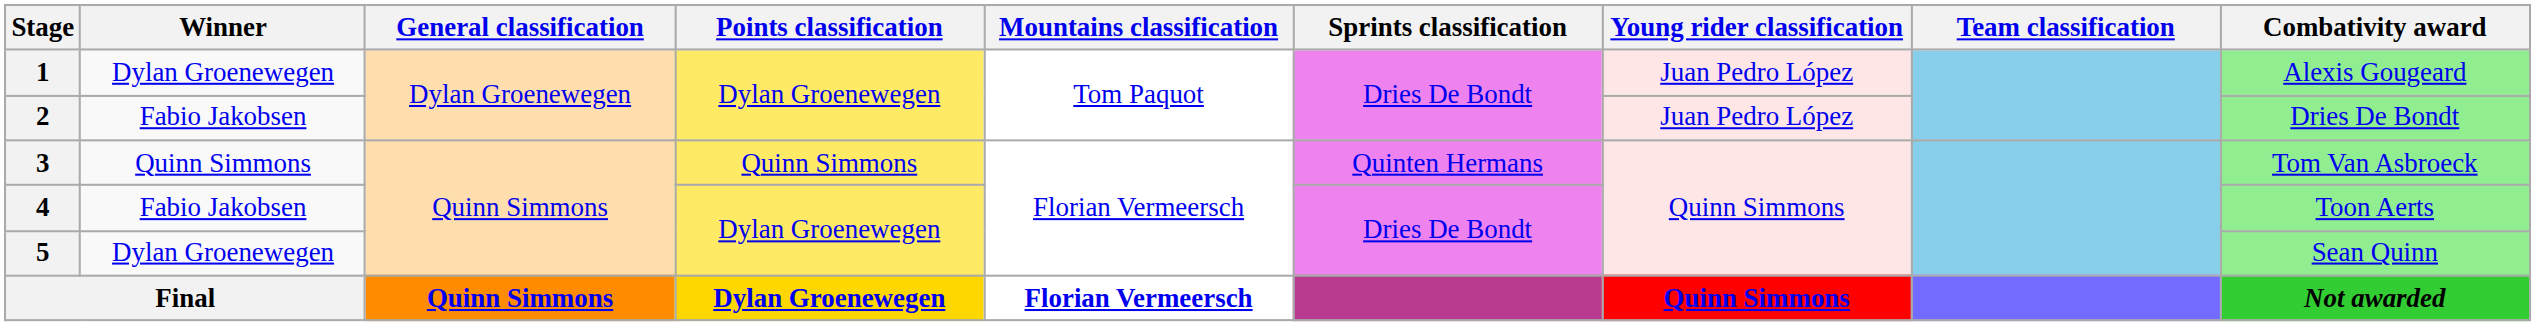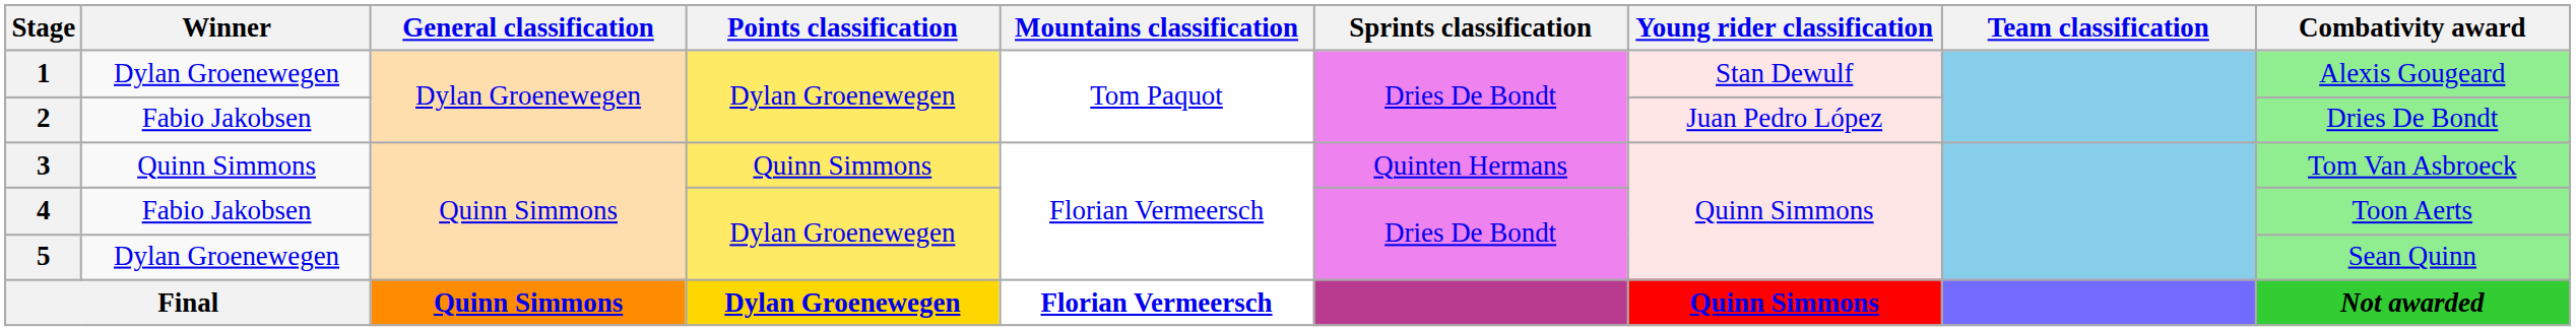 <table class="wikitable" style="text-align: center; font-size:smaller;">
 <tr style="background:#efefef;">
 <th scope="col" style="width:1%;">Stage</th>
 <th scope="col" style="width:11.5%;">Winner</th>
 <th scope="col" style="width:12.5%;"><a href='#'>General classification</a><br></th>
 <th scope="col" style="width:12.5%;"><a href='#'>Points classification</a><br></th>
 <th scope="col" style="width:12.5%;"><a href='#'>Mountains classification</a><br></th>
 <th scope="col" style="width:12.5%;">Sprints classification<br></th>
 <th scope="col" style="width:12.5%;"><a href='#'>Young rider classification</a><br></th>
 <th scope="col" style="width:12.5%;"><a href='#'>Team classification</a></th>
 <th scope="col" style="width:12.5%;">Combativity award</th>
 </tr>
 <tr>
 <th>1</th>
 <td><a href='#'>Dylan Groenewegen</a></td>
 <td style="background:navajowhite;" rowspan="2"><a href='#'>Dylan Groenewegen</a></td>
 <td style="background:#FFEA66;" rowspan="2"><a href='#'>Dylan Groenewegen</a></td>
 <td style="background:white;" rowspan="2"><a href='#'>Tom Paquot</a></td>
 <td style="background:violet;" rowspan="2"><a href='#'>Dries De Bondt</a></td>
-<td style="background:#FFE6E6;"><a href='#'>Juan Pedro López</a></td>
+<td style="background:#FFE6E6;"><a href='#'>Stan Dewulf</a></td>
 <td style="background:skyblue;" rowspan="2"></td>
 <td style="background:lightgreen;"><a href='#'>Alexis Gougeard</a></td>
 </tr>
 <tr>
 <th>2</th>
 <td><a href='#'>Fabio Jakobsen</a></td>
 <td style="background:#FFE6E6;"><a href='#'>Juan Pedro López</a></td>
 <td style="background:lightgreen;"><a href='#'>Dries De Bondt</a></td>
 </tr>
 <tr>
 <th>3</th>
 <td><a href='#'>Quinn Simmons</a></td>
 <td style="background:navajowhite;" rowspan="3"><a href='#'>Quinn Simmons</a></td>
 <td style="background:#FFEA66;"><a href='#'>Quinn Simmons</a></td>
 <td style="background:white;" rowspan="3"><a href='#'>Florian Vermeersch</a></td>
 <td style="background:violet;"><a href='#'>Quinten Hermans</a></td>
 <td style="background:#FFE6E6;" rowspan="3"><a href='#'>Quinn Simmons</a></td>
 <td style="background:skyblue;" rowspan="3"></td>
 <td style="background:lightgreen;"><a href='#'>Tom Van Asbroeck</a></td>
 </tr>
 <tr>
 <th>4</th>
 <td><a href='#'>Fabio Jakobsen</a></td>
 <td style="background:#FFEA66;" rowspan="2"><a href='#'>Dylan Groenewegen</a></td>
 <td style="background:violet;" rowspan="2"><a href='#'>Dries De Bondt</a></td>
 <td style="background:lightgreen;"><a href='#'>Toon Aerts</a></td>
 </tr>
 <tr>
 <th>5</th>
 <td><a href='#'>Dylan Groenewegen</a></td>
 <td style="background:lightgreen;"><a href='#'>Sean Quinn</a></td>
 </tr>
 <tr>
 <th colspan="2">Final</th>
 <th style="background:#FF8C00;"><a href='#'>Quinn Simmons</a></th>
 <th style="background:gold;"><a href='#'>Dylan Groenewegen</a></th>
 <th style="background:white;"><a href='#'>Florian Vermeersch</a></th>
 <th style="background:#B93B8F;"></th>
 <th style="background:#f00;"><a href='#'>Quinn Simmons</a></th>
 <th style="background:#736aff;"></th>
 <th style="background:limegreen;"><em>Not awarded</em></th>
 </tr>
 </table>
